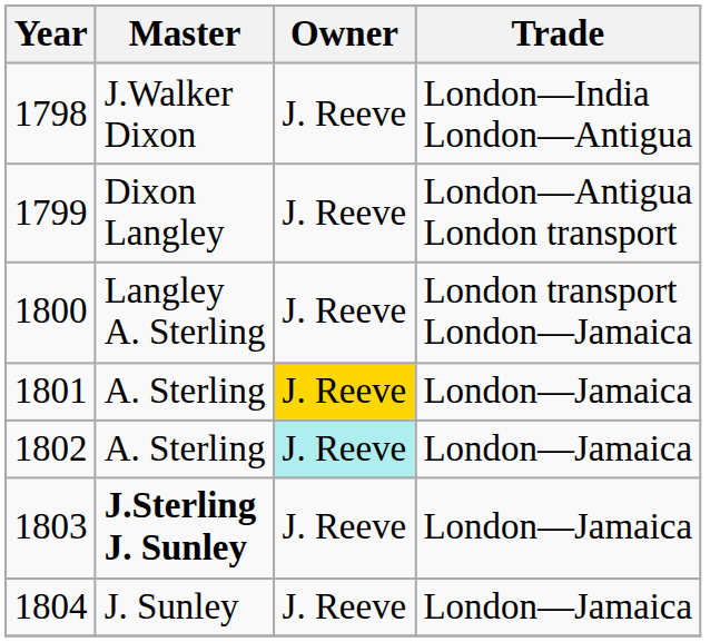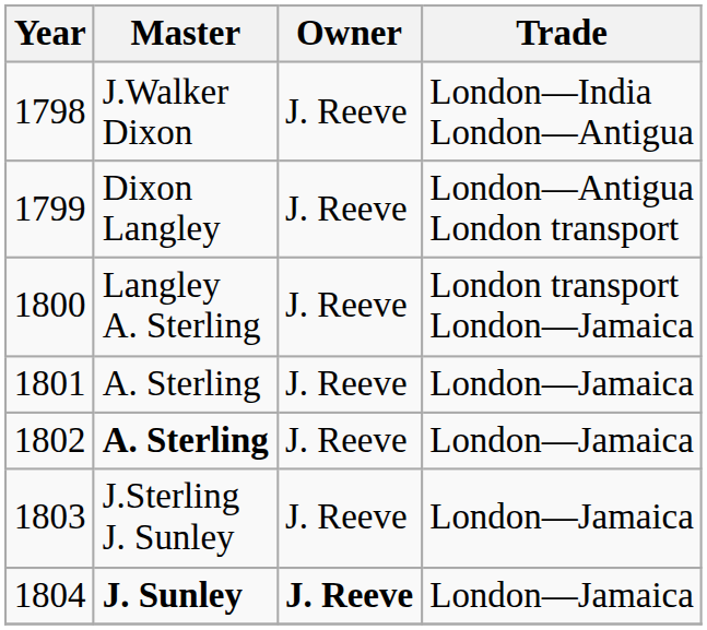 <table class="sortable wikitable">
 <tr>
 <th>Year</th>
 <th>Master</th>
 <th>Owner</th>
 <th>Trade</th>
 </tr>
 <tr>
 <td>1798</td>
 <td>J.Walker<br>Dixon</td>
 <td>J. Reeve</td>
 <td>London—India<br>London—Antigua</td>
 </tr>
 <tr>
 <td>1799</td>
 <td>Dixon<br>Langley</td>
 <td>J. Reeve</td>
 <td>London—Antigua<br>London transport</td>
 </tr>
 <tr>
 <td>1800</td>
 <td>Langley<br>A. Sterling</td>
 <td>J. Reeve</td>
 <td>London transport<br>London—Jamaica</td>
 </tr>
 <tr>
 <td>1801</td>
 <td>A. Sterling</td>
-<td style="background: gold;">J. Reeve</td>
+<td>J. Reeve</td>
 <td>London—Jamaica</td>
 </tr>
 <tr>
 <td>1802</td>
-<td>A. Sterling</td>
-<td style="background: paleturquoise;">J. Reeve</td>
+<td><strong>A. Sterling</strong></td>
+<td>J. Reeve</td>
 <td>London—Jamaica</td>
 </tr>
 <tr>
 <td>1803</td>
-<td><strong>J.Sterling<br>J. Sunley</strong></td>
+<td>J.Sterling<br>J. Sunley</td>
 <td>J. Reeve</td>
 <td>London—Jamaica</td>
 </tr>
 <tr>
 <td>1804</td>
-<td>J. Sunley</td>
-<td>J. Reeve</td>
+<td><strong>J. Sunley</strong></td>
+<td><strong>J. Reeve</strong></td>
 <td>London—Jamaica</td>
 </tr>
 <tr>
 </tr>
 </table>
